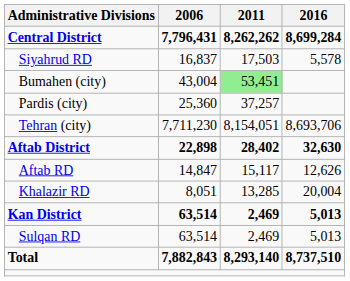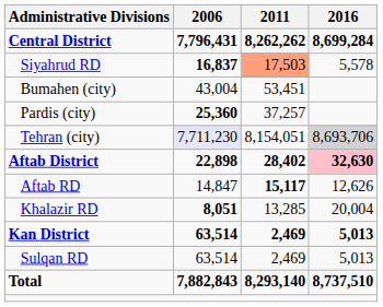 <table class="wikitable">
 <tr>
 <th>Administrative Divisions</th>
 <th>2006</th>
 <th>2011</th>
 <th>2016</th>
 </tr>
 <tr>
 <td><strong><a href='#'>Central District</a></strong></td>
 <td style="text-align: right;"><strong>7,796,431</strong></td>
 <td style="text-align: right;"><strong>8,262,262</strong></td>
 <td style="text-align: right;"><strong>8,699,284</strong></td>
 </tr>
 <tr>
 <td style="padding-left: 1em;"><a href='#'>Siyahrud RD</a></td>
-<td style="text-align: right;">16,837</td>
-<td style="text-align: right;">17,503</td>
+<td style="text-align: right;"><strong>16,837</strong></td>
+<td style="background: lightsalmon; text-align: right;">17,503</td>
 <td style="text-align: right;">5,578</td>
 </tr>
 <tr>
 <td style="padding-left: 1em;">Bumahen (city)</td>
 <td style="text-align: right;">43,004</td>
-<td style="background: lightgreen; text-align: right;">53,451</td>
+<td style="text-align: right;">53,451</td>
 <td style="text-align: right;"></td>
 </tr>
 <tr>
 <td style="padding-left: 1em;">Pardis (city)</td>
-<td style="text-align: right;">25,360</td>
+<td style="text-align: right;"><strong>25,360</strong></td>
 <td style="text-align: right;">37,257</td>
 <td style="text-align: right;"></td>
 </tr>
 <tr>
 <td style="padding-left: 1em;"><a href='#'>Tehran</a> (city)</td>
-<td style="text-align: right;">7,711,230</td>
+<td style="background: lavender; text-align: right;">7,711,230</td>
 <td style="text-align: right;">8,154,051</td>
-<td style="text-align: right;">8,693,706</td>
+<td style="background: lightgrey; text-align: right;">8,693,706</td>
 </tr>
 <tr>
 <td><strong><a href='#'>Aftab District</a></strong></td>
 <td style="text-align: right;"><strong>22,898</strong></td>
 <td style="text-align: right;"><strong>28,402</strong></td>
-<td style="text-align: right;"><strong>32,630</strong></td>
+<td style="background: pink; text-align: right;"><strong>32,630</strong></td>
 </tr>
 <tr>
 <td style="padding-left: 1em;"><a href='#'>Aftab RD</a></td>
 <td style="text-align: right;">14,847</td>
-<td style="text-align: right;">15,117</td>
+<td style="text-align: right;"><strong>15,117</strong></td>
 <td style="text-align: right;">12,626</td>
 </tr>
 <tr>
 <td style="padding-left: 1em;"><a href='#'>Khalazir RD</a></td>
-<td style="text-align: right;">8,051</td>
+<td style="text-align: right;"><strong>8,051</strong></td>
 <td style="text-align: right;">13,285</td>
 <td style="text-align: right;">20,004</td>
 </tr>
 <tr>
 <td><strong><a href='#'>Kan District</a></strong></td>
 <td style="text-align: right;"><strong>63,514</strong></td>
 <td style="text-align: right;"><strong>2,469</strong></td>
 <td style="text-align: right;"><strong>5,013</strong></td>
 </tr>
 <tr>
 <td style="padding-left: 1em;"><a href='#'>Sulqan RD</a></td>
 <td style="text-align: right;">63,514</td>
 <td style="text-align: right;">2,469</td>
 <td style="text-align: right;">5,013</td>
 </tr>
 <tr>
 <td><strong>Total</strong></td>
 <td style="text-align: right;"><strong>7,882,843</strong></td>
 <td style="text-align: right;"><strong>8,293,140</strong></td>
 <td style="text-align: right;"><strong>8,737,510</strong></td>
 </tr>
 <tr>
 <td colspan=4></td>
 </tr>
 </table>
